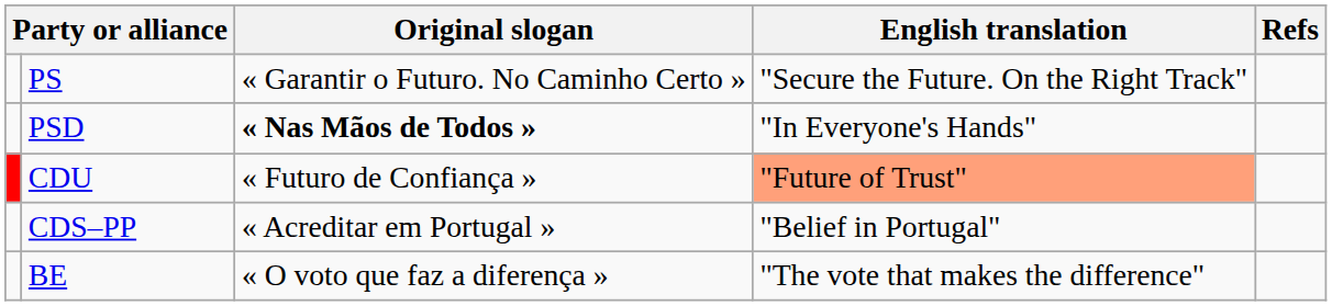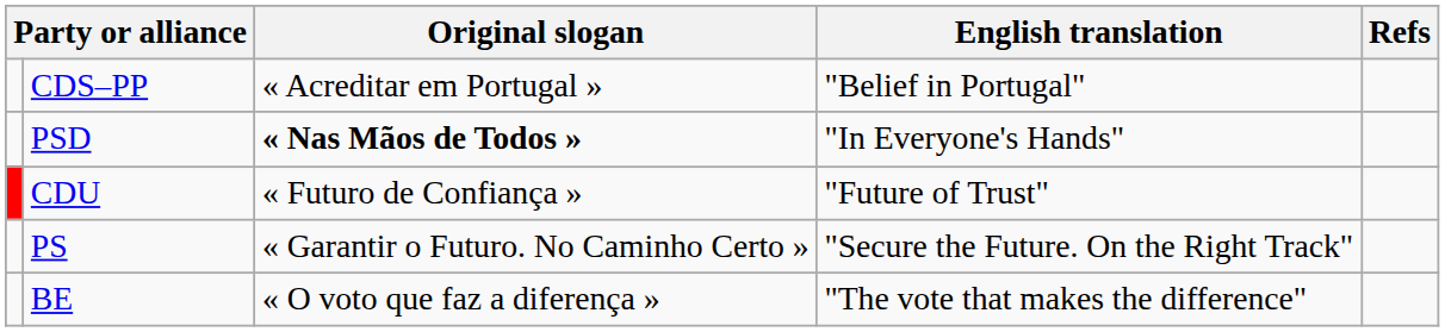 <table class="wikitable" style="font-size:97%; text-align:left;">
 <tr>
 <th style="text-align:left;" colspan="2">Party or alliance</th>
 <th>Original slogan</th>
 <th>English translation</th>
 <th>Refs</th>
 </tr>
 <tr>
-<td width="1" style="color:inherit;background:"></td>
-<td><a href='#'>PS</a></td>
-<td>« Garantir o Futuro. No Caminho Certo »</td>
-<td>"Secure the Future. On the Right Track"</td>
+<td style="color:inherit;background:"></td>
+<td><a href='#'>CDS–PP</a></td>
+<td>« Acreditar em Portugal »</td>
+<td>"Belief in Portugal"</td>
 <td></td>
 </tr>
 <tr>
 <td style="color:inherit;background:"></td>
 <td><a href='#'>PSD</a></td>
 <td><strong>« Nas Mãos de Todos »</strong></td>
 <td>"In Everyone's Hands"</td>
 <td></td>
 </tr>
 <tr>
 <td style="color:inherit;background:#FF0000"></td>
 <td><a href='#'>CDU</a></td>
 <td>« Futuro de Confiança »</td>
-<td style="background: lightsalmon;">"Future of Trust"</td>
+<td>"Future of Trust"</td>
 <td></td>
 </tr>
 <tr>
-<td style="color:inherit;background:"></td>
-<td><a href='#'>CDS–PP</a></td>
-<td>« Acreditar em Portugal »</td>
-<td>"Belief in Portugal"</td>
+<td width="1" style="color:inherit;background:"></td>
+<td><a href='#'>PS</a></td>
+<td>« Garantir o Futuro. No Caminho Certo »</td>
+<td>"Secure the Future. On the Right Track"</td>
 <td></td>
 </tr>
 <tr>
 <td style="color:inherit;background:"></td>
 <td><a href='#'>BE</a></td>
 <td>« O voto que faz a diferença »</td>
 <td>"The vote that makes the difference"</td>
 <td></td>
 </tr>
 </table>
